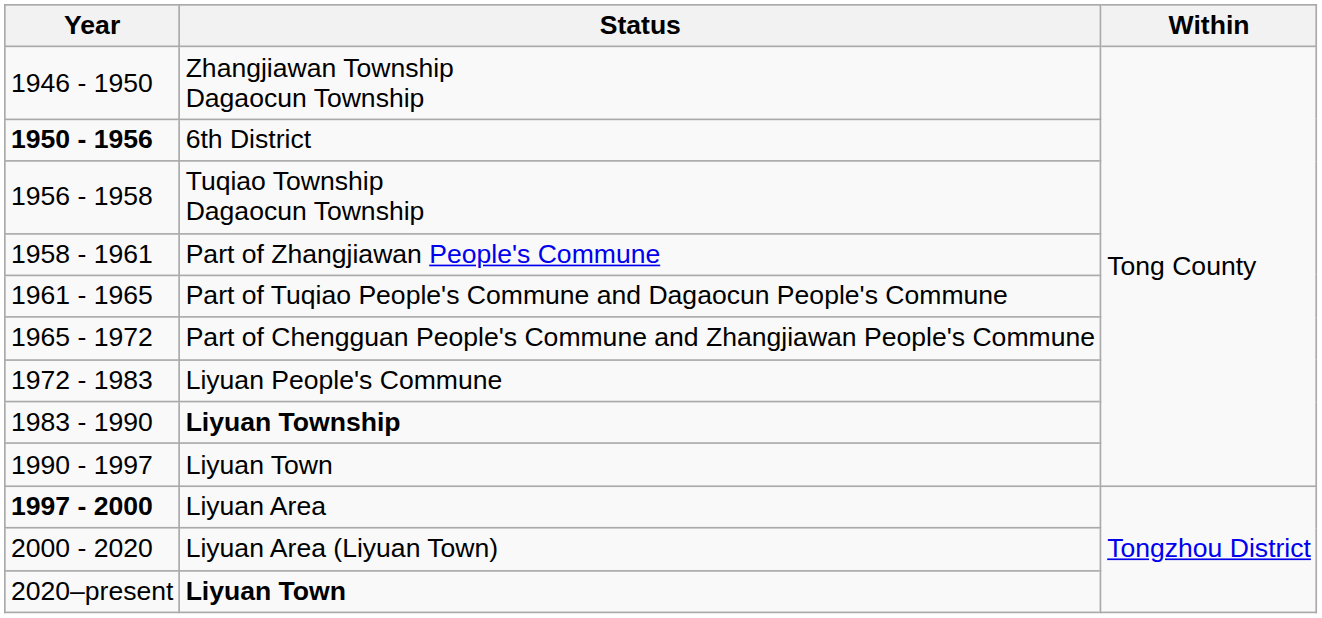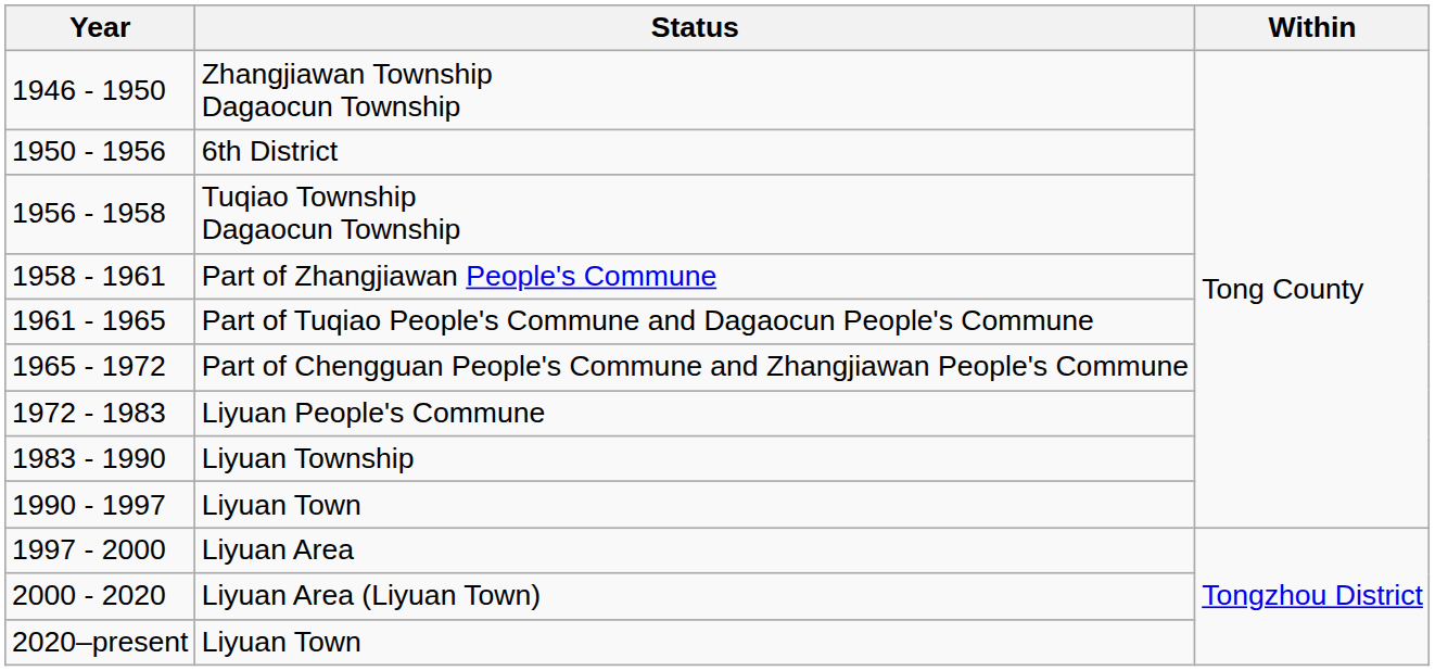 <table class="wikitable">
 <tr>
 <th>Year</th>
 <th>Status</th>
 <th>Within</th>
 </tr>
 <tr>
 <td>1946 - 1950</td>
 <td>Zhangjiawan Township<br>Dagaocun Township</td>
 <td rowspan="9">Tong County</td>
 </tr>
 <tr>
-<td><strong>1950 - 1956</strong></td>
+<td>1950 - 1956</td>
 <td>6th District</td>
 </tr>
 <tr>
 <td>1956 - 1958</td>
 <td>Tuqiao Township<br>Dagaocun Township</td>
 </tr>
 <tr>
 <td>1958 - 1961</td>
 <td>Part of Zhangjiawan <a href='#'>People's Commune</a></td>
 </tr>
 <tr>
 <td>1961 - 1965</td>
 <td>Part of Tuqiao People's Commune and Dagaocun People's Commune</td>
 </tr>
 <tr>
 <td>1965 - 1972</td>
 <td>Part of Chengguan People's Commune and Zhangjiawan People's Commune</td>
 </tr>
 <tr>
 <td>1972 - 1983</td>
 <td>Liyuan People's Commune</td>
 </tr>
 <tr>
 <td>1983 - 1990</td>
-<td><strong>Liyuan Township</strong></td>
+<td>Liyuan Township</td>
 </tr>
 <tr>
 <td>1990 - 1997</td>
 <td>Liyuan Town</td>
 </tr>
 <tr>
-<td><strong>1997 - 2000</strong></td>
+<td>1997 - 2000</td>
 <td>Liyuan Area</td>
 <td rowspan="3"><a href='#'>Tongzhou District</a></td>
 </tr>
 <tr>
 <td>2000 - 2020</td>
 <td>Liyuan Area (Liyuan Town)</td>
 </tr>
 <tr>
 <td>2020–present</td>
-<td><strong>Liyuan Town</strong></td>
+<td>Liyuan Town</td>
 </tr>
 </table>
